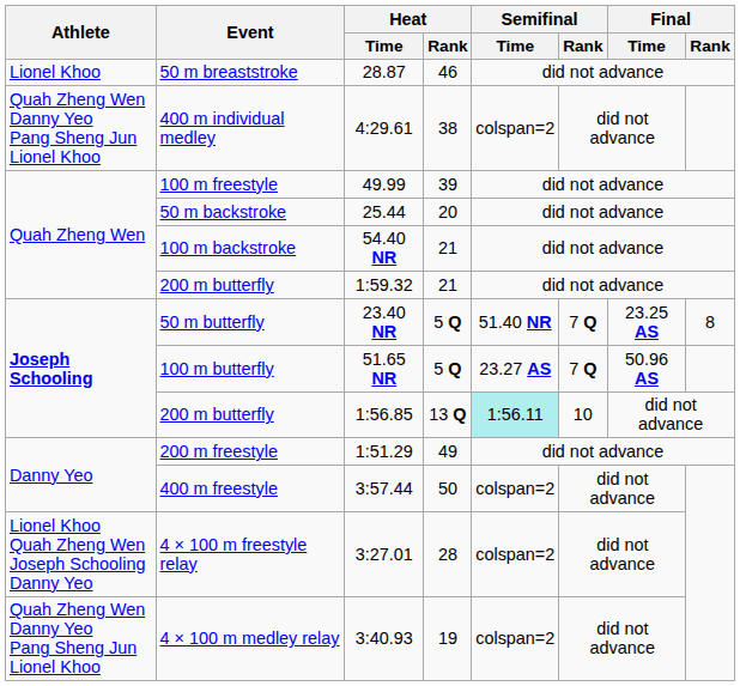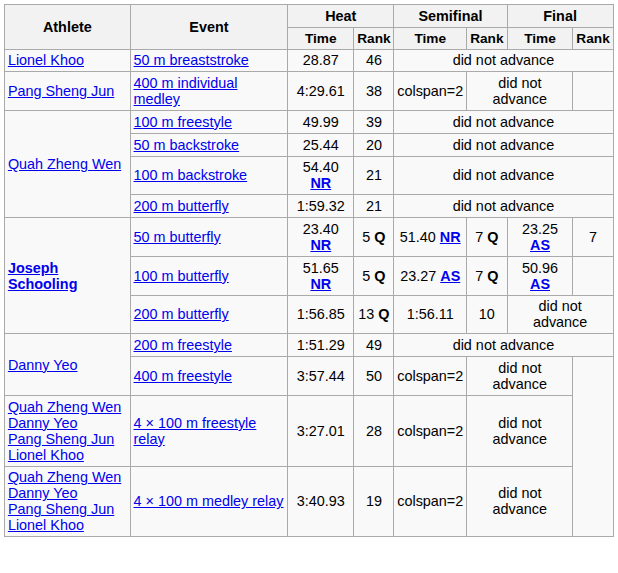 <table class=wikitable style="font-size:90%">
 <tr>
 <th rowspan="2">Athlete</th>
 <th rowspan="2">Event</th>
 <th colspan="2">Heat</th>
 <th colspan="2">Semifinal</th>
 <th colspan="2">Final</th>
 </tr>
 <tr style="font-size:95%">
 <th>Time</th>
 <th>Rank</th>
 <th>Time</th>
 <th>Rank</th>
 <th>Time</th>
 <th>Rank</th>
 </tr>
 <tr align=center>
 <td align=left><a href='#'>Lionel Khoo</a></td>
 <td align=left><a href='#'>50 m breaststroke</a></td>
 <td>28.87</td>
 <td>46</td>
 <td colspan=4>did not advance</td>
 </tr>
 <tr align=center>
-<td align=left><a href='#'>Quah Zheng Wen</a><br><a href='#'>Danny Yeo</a><br><a href='#'>Pang Sheng Jun</a><br><a href='#'>Lionel Khoo</a></td>
+<td align=left><a href='#'>Pang Sheng Jun</a></td>
 <td align=left><a href='#'>400 m individual medley</a></td>
 <td>4:29.61</td>
 <td>38</td>
 <td>colspan=2 </td>
 <td colspan=2>did not advance</td>
 </tr>
 <tr align=center>
 <td align=left rowspan=4><a href='#'>Quah Zheng Wen</a></td>
 <td align=left><a href='#'>100 m freestyle</a></td>
 <td>49.99</td>
 <td>39</td>
 <td colspan=4>did not advance</td>
 </tr>
 <tr align=center>
 <td align=left><a href='#'>50 m backstroke</a></td>
 <td>25.44</td>
 <td>20</td>
 <td colspan=4>did not advance</td>
 </tr>
 <tr align=center>
 <td align=left><a href='#'>100 m backstroke</a></td>
 <td>54.40 <strong><a href='#'>NR</a></strong></td>
 <td>21</td>
 <td colspan=4>did not advance</td>
 </tr>
 <tr align=center>
 <td align=left><a href='#'>200 m butterfly</a></td>
 <td>1:59.32</td>
 <td>21</td>
 <td colspan=4>did not advance</td>
 </tr>
 <tr align=center>
 <td align=left rowspan=3><strong><a href='#'>Joseph Schooling</a></strong></td>
 <td align=left><a href='#'>50 m butterfly</a></td>
 <td>23.40 <strong><a href='#'>NR</a></strong></td>
 <td>5 <strong>Q</strong></td>
 <td>51.40 <strong><a href='#'>NR</a></strong></td>
 <td>7 <strong>Q</strong></td>
 <td>23.25 <strong><a href='#'>AS</a></strong></td>
-<td>8</td>
+<td>7</td>
 </tr>
 <tr align=center>
 <td align=left><a href='#'>100 m butterfly</a></td>
 <td>51.65 <strong><a href='#'>NR</a></strong></td>
 <td>5 <strong>Q</strong></td>
 <td>23.27 <strong><a href='#'>AS</a></strong></td>
 <td>7 <strong>Q</strong></td>
 <td>50.96 <strong><a href='#'>AS</a></strong></td>
 <td></td>
 </tr>
 <tr align=center>
 <td align=left><a href='#'>200 m butterfly</a></td>
 <td>1:56.85</td>
 <td>13 <strong>Q</strong></td>
-<td style="background: paleturquoise;">1:56.11</td>
+<td>1:56.11</td>
 <td>10</td>
 <td colspan=2>did not advance</td>
 </tr>
 <tr align=center>
 <td align=left rowspan=2><a href='#'>Danny Yeo</a></td>
 <td align=left><a href='#'>200 m freestyle</a></td>
 <td>1:51.29</td>
 <td>49</td>
 <td colspan=4>did not advance</td>
 </tr>
 <tr align=center>
 <td align=left><a href='#'>400 m freestyle</a></td>
 <td>3:57.44</td>
 <td>50</td>
 <td>colspan=2 </td>
 <td colspan=2>did not advance</td>
 </tr>
 <tr align=center>
-<td align=left><a href='#'>Lionel Khoo</a><br><a href='#'>Quah Zheng Wen</a><br><a href='#'>Joseph Schooling</a><br><a href='#'>Danny Yeo</a></td>
+<td align=left><a href='#'>Quah Zheng Wen</a><br><a href='#'>Danny Yeo</a><br><a href='#'>Pang Sheng Jun</a><br><a href='#'>Lionel Khoo</a></td>
 <td align=left><a href='#'>4 × 100 m freestyle relay</a></td>
 <td>3:27.01</td>
 <td>28</td>
 <td>colspan=2 </td>
 <td colspan=2>did not advance</td>
 </tr>
 <tr align=center>
 <td align=left><a href='#'>Quah Zheng Wen</a><br><a href='#'>Danny Yeo</a><br><a href='#'>Pang Sheng Jun</a><br><a href='#'>Lionel Khoo</a></td>
 <td align=left><a href='#'>4 × 100 m medley relay</a></td>
 <td>3:40.93</td>
 <td>19</td>
 <td>colspan=2 </td>
 <td colspan=2>did not advance</td>
 </tr>
 </table>
